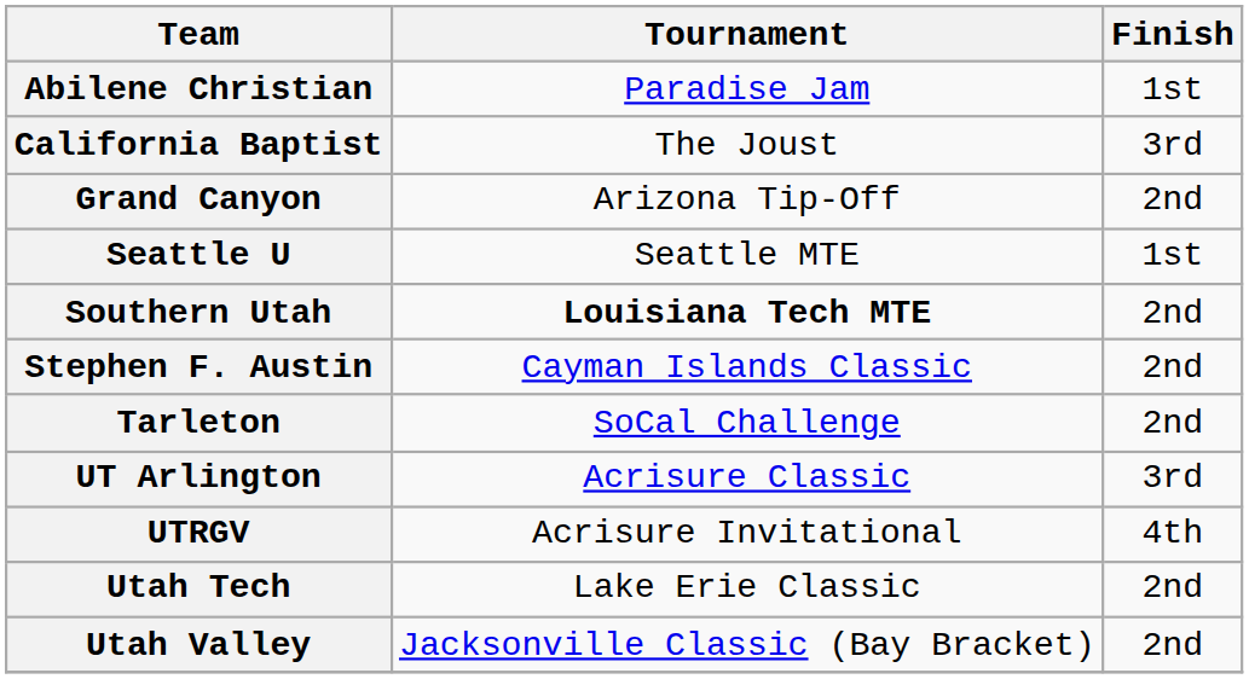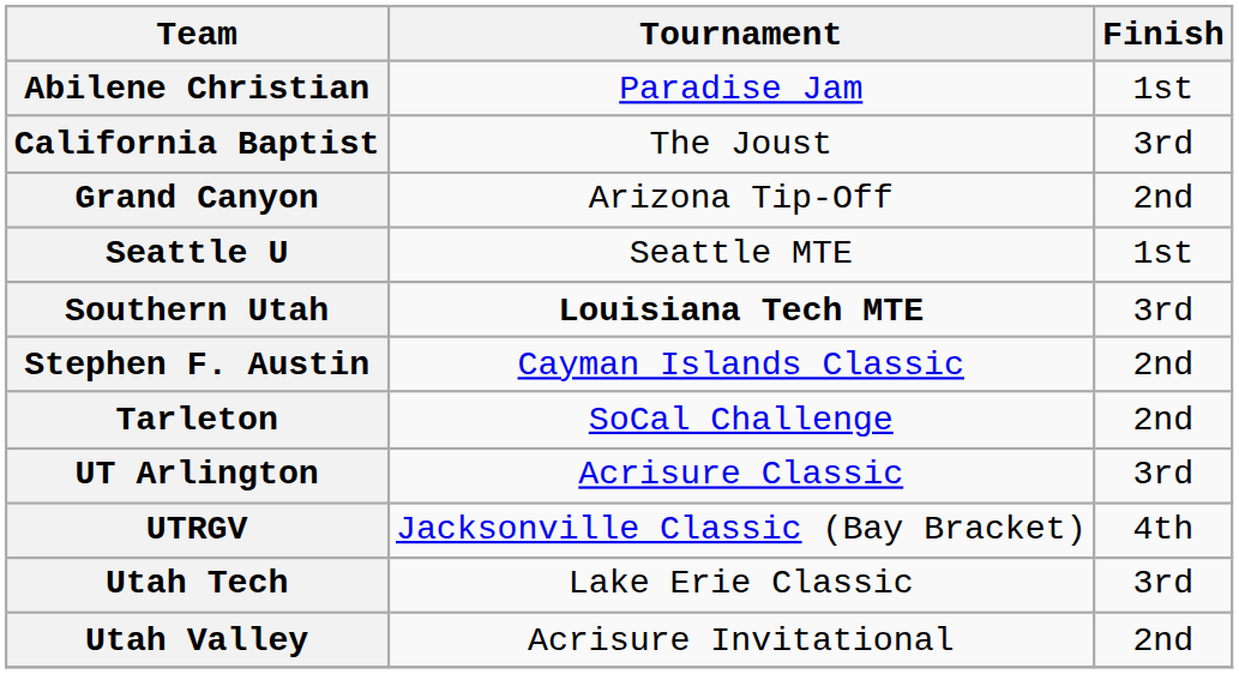 <table class="wikitable">
 <tr>
 <th>Team</th>
 <th>Tournament</th>
 <th>Finish</th>
 </tr>
 <tr style="text-align:center;">
 <th>Abilene Christian</th>
 <td><a href='#'>Paradise Jam</a></td>
 <td>1st</td>
 </tr>
 <tr style="text-align:center;">
 <th>California Baptist</th>
 <td>The Joust</td>
 <td>3rd</td>
 </tr>
 <tr style="text-align:center;">
 <th>Grand Canyon</th>
 <td>Arizona Tip-Off</td>
 <td>2nd</td>
 </tr>
 <tr style="text-align:center;">
 <th>Seattle U</th>
 <td>Seattle MTE</td>
 <td>1st</td>
 </tr>
 <tr style="text-align:center;">
 <th>Southern Utah</th>
 <td><strong>Louisiana Tech MTE</strong></td>
-<td>2nd</td>
+<td>3rd</td>
 </tr>
 <tr style="text-align:center;">
 <th>Stephen F. Austin</th>
 <td><a href='#'>Cayman Islands Classic</a></td>
 <td>2nd</td>
 </tr>
 <tr style="text-align:center;">
 <th>Tarleton</th>
 <td><a href='#'>SoCal Challenge</a></td>
 <td>2nd</td>
 </tr>
 <tr style="text-align:center;">
 <th>UT Arlington</th>
 <td><a href='#'>Acrisure Classic</a></td>
 <td>3rd</td>
 </tr>
 <tr style="text-align:center;">
 <th>UTRGV</th>
-<td>Acrisure Invitational</td>
+<td><a href='#'>Jacksonville Classic</a> (Bay Bracket)</td>
 <td>4th</td>
 </tr>
 <tr style="text-align:center;">
 <th>Utah Tech</th>
 <td>Lake Erie Classic</td>
-<td>2nd</td>
+<td>3rd</td>
 </tr>
 <tr style="text-align:center;">
 <th>Utah Valley</th>
-<td><a href='#'>Jacksonville Classic</a> (Bay Bracket)</td>
+<td>Acrisure Invitational</td>
 <td>2nd</td>
 </tr>
 <tr>
 </tr>
 </table>
